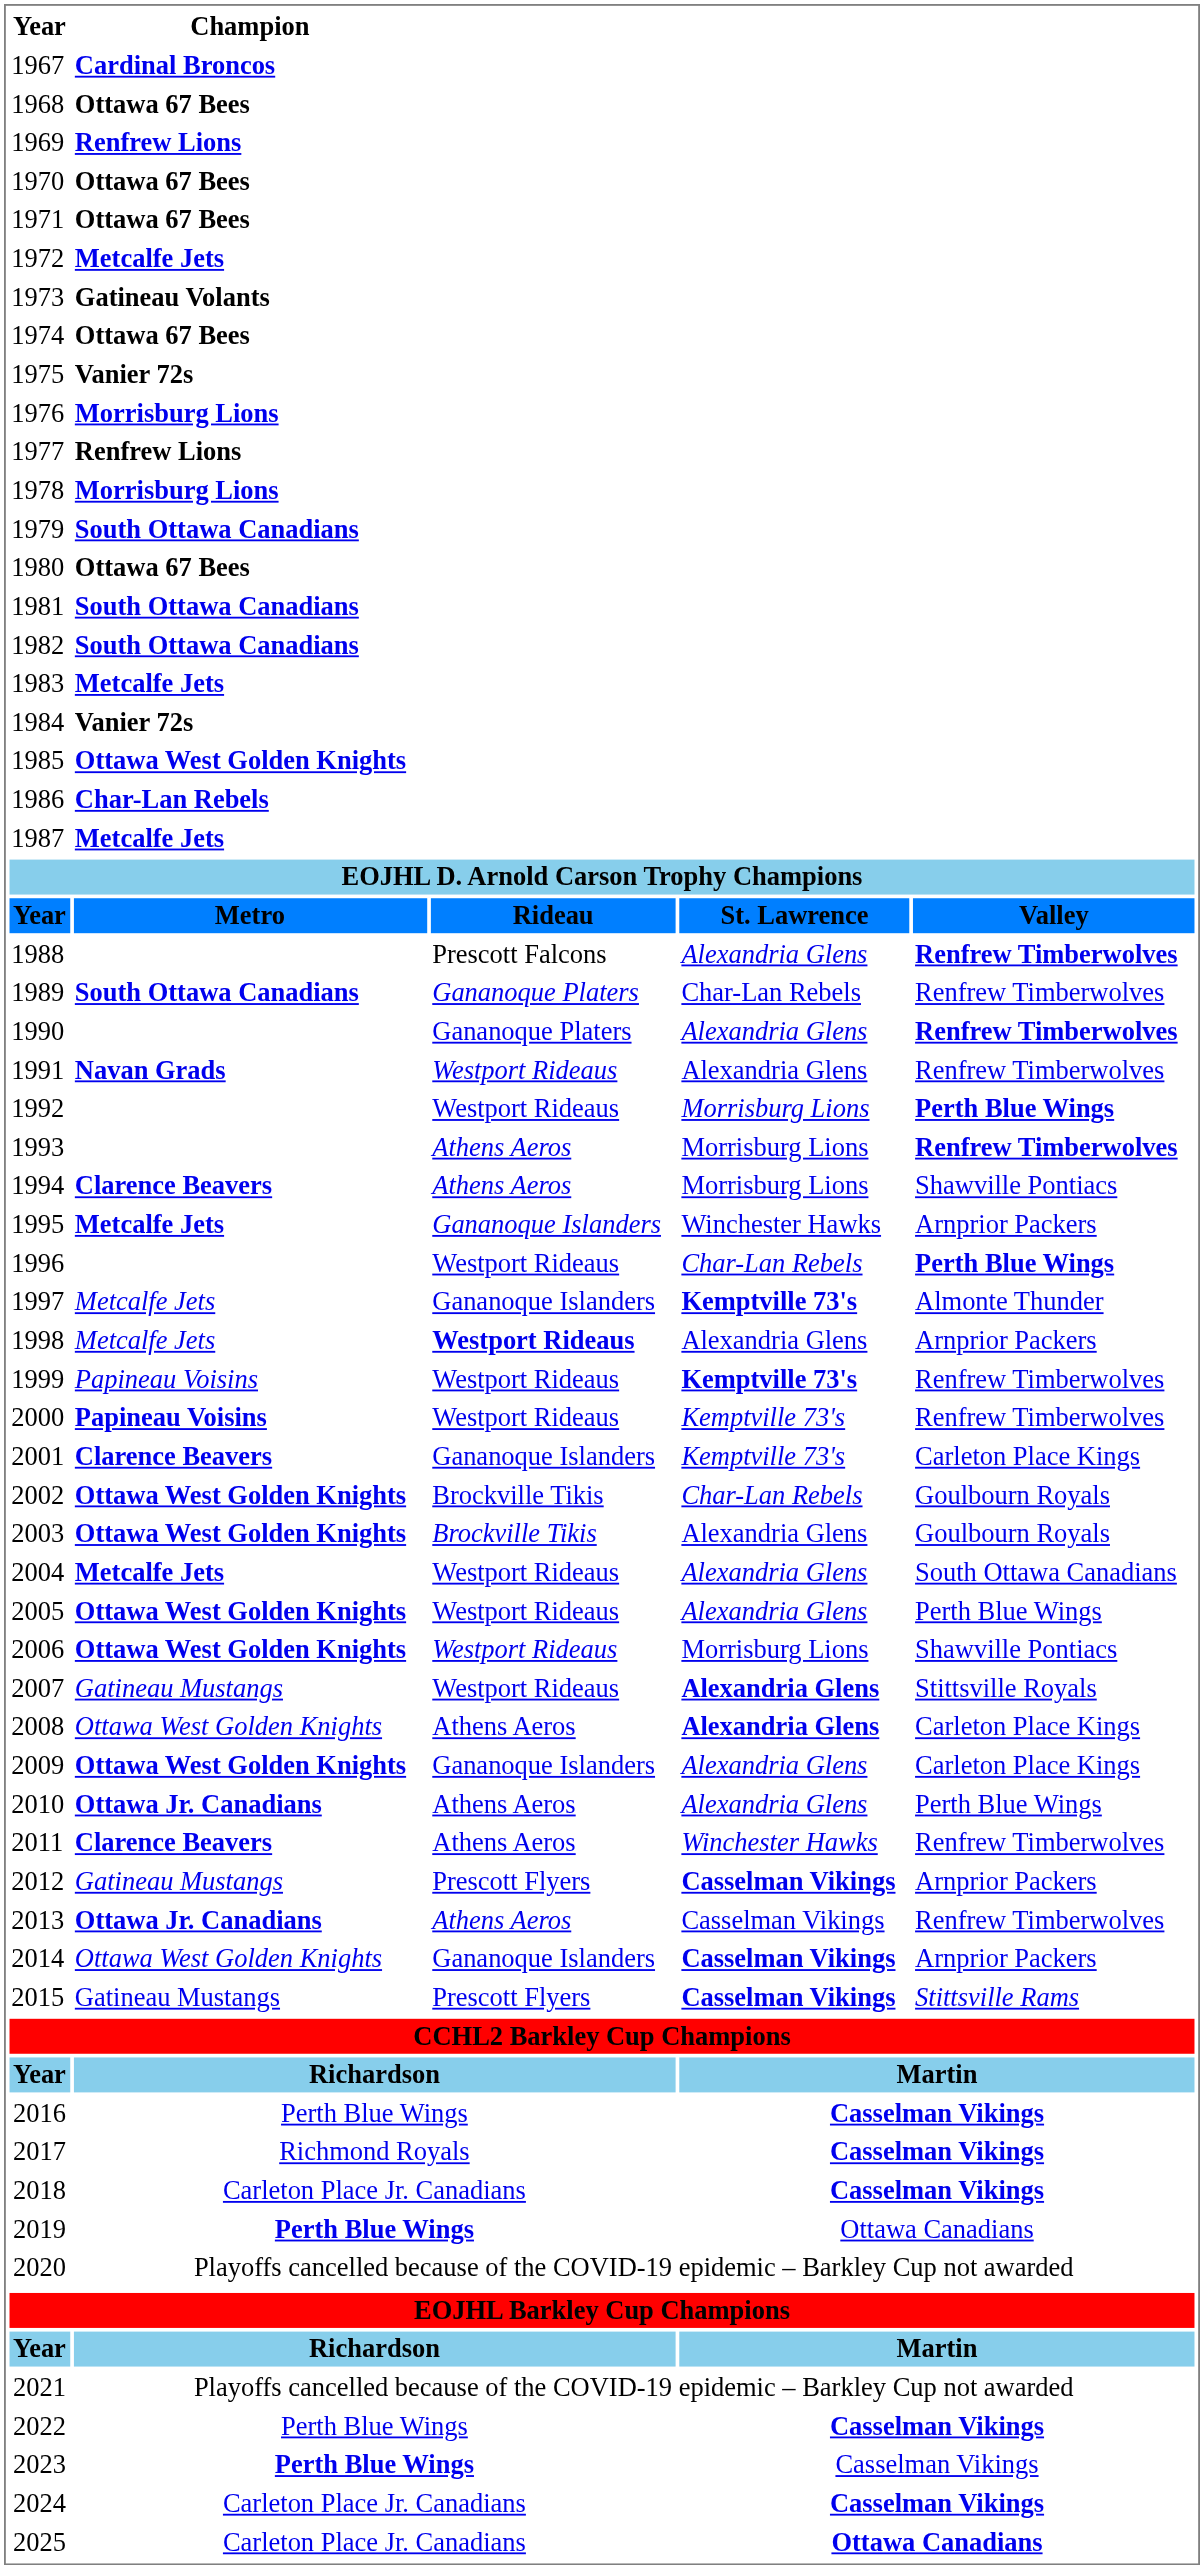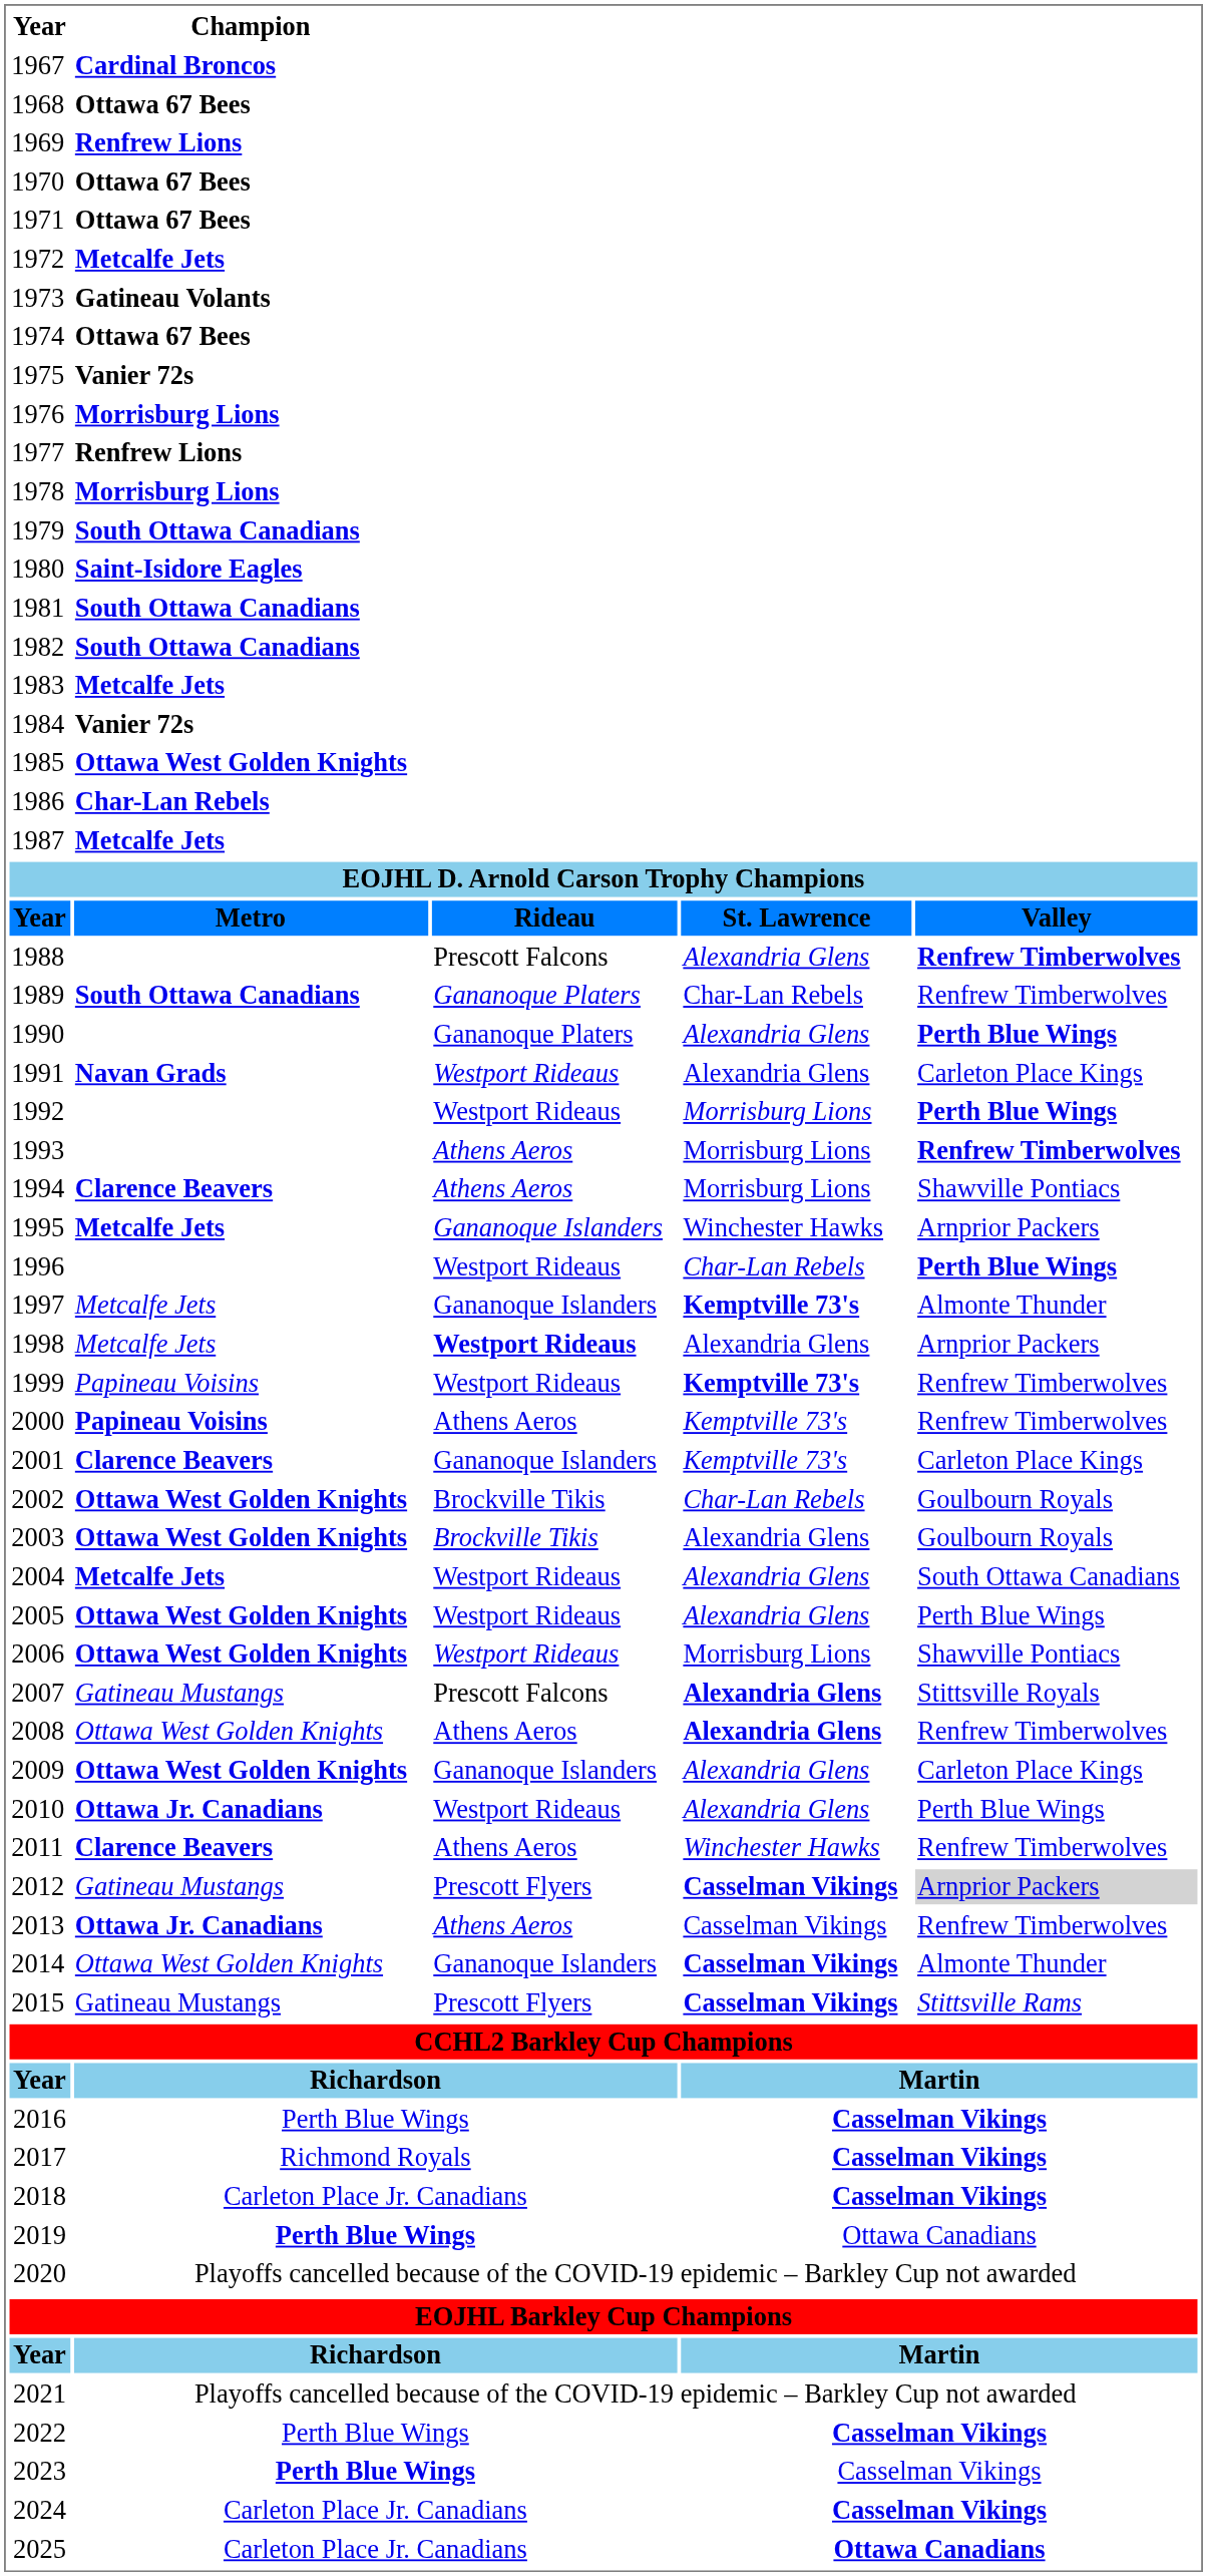 <table cellpadding="1" width="650px" style="font-size: 90%; border: 1px solid gray;">
 <tr>
 <th>Year</th>
 <th>Champion</th>
 <th></th>
 <th></th>
 <th></th>
 </tr>
 <tr>
 <td>1967</td>
 <td><strong><a href='#'>Cardinal Broncos</a></strong></td>
 <td></td>
 <td></td>
 <td></td>
 </tr>
 <tr>
 <td>1968</td>
 <td><strong>Ottawa 67 Bees</strong></td>
 <td></td>
 <td></td>
 <td></td>
 </tr>
 <tr>
 <td>1969</td>
 <td><strong><a href='#'>Renfrew Lions</a></strong></td>
 <td></td>
 <td></td>
 <td></td>
 </tr>
 <tr>
 <td>1970</td>
 <td><strong>Ottawa 67 Bees</strong></td>
 <td></td>
 <td></td>
 <td></td>
 </tr>
 <tr>
 <td>1971</td>
 <td><strong>Ottawa 67 Bees</strong></td>
 <td></td>
 <td></td>
 <td></td>
 </tr>
 <tr>
 <td>1972</td>
 <td><strong><a href='#'>Metcalfe Jets</a></strong></td>
 <td></td>
 <td></td>
 <td></td>
 </tr>
 <tr>
 <td>1973</td>
 <td><strong>Gatineau Volants</strong></td>
 <td></td>
 <td></td>
 <td></td>
 </tr>
 <tr>
 <td>1974</td>
 <td><strong>Ottawa 67 Bees</strong></td>
 <td></td>
 <td></td>
 <td></td>
 </tr>
 <tr>
 <td>1975</td>
 <td><strong>Vanier 72s</strong></td>
 <td></td>
 <td></td>
 <td></td>
 </tr>
 <tr>
 <td>1976</td>
 <td><strong><a href='#'>Morrisburg Lions</a></strong></td>
 <td></td>
 <td></td>
 <td></td>
 </tr>
 <tr>
 <td>1977</td>
 <td><strong>Renfrew Lions</strong></td>
 <td></td>
 <td></td>
 <td></td>
 </tr>
 <tr>
 <td>1978</td>
 <td><strong><a href='#'>Morrisburg Lions</a></strong></td>
 <td></td>
 <td></td>
 <td></td>
 </tr>
 <tr>
 <td>1979</td>
 <td><strong><a href='#'>South Ottawa Canadians</a></strong></td>
 <td></td>
 <td></td>
 <td></td>
 </tr>
 <tr>
 <td>1980</td>
-<td><strong>Ottawa 67 Bees</strong></td>
+<td><strong><a href='#'>Saint-Isidore Eagles</a></strong></td>
 <td></td>
 <td></td>
 <td></td>
 </tr>
 <tr>
 <td>1981</td>
 <td><strong><a href='#'>South Ottawa Canadians</a></strong></td>
 <td></td>
 <td></td>
 <td></td>
 </tr>
 <tr>
 <td>1982</td>
 <td><strong><a href='#'>South Ottawa Canadians</a></strong></td>
 <td></td>
 <td></td>
 <td></td>
 </tr>
 <tr>
 <td>1983</td>
 <td><strong><a href='#'>Metcalfe Jets</a></strong></td>
 <td></td>
 <td></td>
 <td></td>
 </tr>
 <tr>
 <td>1984</td>
 <td><strong>Vanier 72s</strong></td>
 <td></td>
 <td></td>
 <td></td>
 </tr>
 <tr>
 <td>1985</td>
 <td><strong><a href='#'>Ottawa West Golden Knights</a></strong></td>
 <td></td>
 <td></td>
 <td></td>
 </tr>
 <tr>
 <td>1986</td>
 <td><strong><a href='#'>Char-Lan Rebels</a></strong></td>
 <td></td>
 <td></td>
 <td></td>
 </tr>
 <tr>
 <td>1987</td>
 <td><strong><a href='#'>Metcalfe Jets</a></strong></td>
 <td></td>
 <td></td>
 <td></td>
 </tr>
 <tr align="center" bgcolor="#87CEEB">
 <td colspan="5"><strong>EOJHL D. Arnold Carson Trophy Champions</strong></td>
 </tr>
 <tr bgcolor="#007FFF">
 <th style="width=">Year</th>
 <th style="">Metro</th>
 <th style="">Rideau</th>
 <th style="">St. Lawrence</th>
 <th style="">Valley</th>
 </tr>
 <tr>
 <td>1988</td>
 <td></td>
 <td>Prescott Falcons</td>
 <td><em><a href='#'>Alexandria Glens</a></em></td>
 <td><strong><a href='#'>Renfrew Timberwolves</a></strong></td>
 </tr>
 <tr>
 <td>1989</td>
 <td><strong><a href='#'>South Ottawa Canadians</a></strong></td>
 <td><em><a href='#'>Gananoque Platers</a></em></td>
 <td><a href='#'>Char-Lan Rebels</a></td>
 <td><a href='#'>Renfrew Timberwolves</a></td>
 </tr>
 <tr>
 <td>1990</td>
 <td></td>
 <td><a href='#'>Gananoque Platers</a></td>
 <td><em><a href='#'>Alexandria Glens</a></em></td>
-<td><strong><a href='#'>Renfrew Timberwolves</a></strong></td>
+<td><strong><a href='#'>Perth Blue Wings</a></strong></td>
 </tr>
 <tr>
 <td>1991</td>
 <td><strong><a href='#'>Navan Grads</a></strong></td>
 <td><em><a href='#'>Westport Rideaus</a></em></td>
 <td><a href='#'>Alexandria Glens</a></td>
-<td><a href='#'>Renfrew Timberwolves</a></td>
+<td><a href='#'>Carleton Place Kings</a></td>
 </tr>
 <tr>
 <td>1992</td>
 <td></td>
 <td><a href='#'>Westport Rideaus</a></td>
 <td><em><a href='#'>Morrisburg Lions</a></em></td>
 <td><strong><a href='#'>Perth Blue Wings</a></strong></td>
 </tr>
 <tr>
 <td>1993</td>
 <td></td>
 <td><em><a href='#'>Athens Aeros</a></em></td>
 <td><a href='#'>Morrisburg Lions</a></td>
 <td><strong><a href='#'>Renfrew Timberwolves</a></strong></td>
 </tr>
 <tr>
 <td>1994</td>
 <td><strong><a href='#'>Clarence Beavers</a></strong></td>
 <td><em><a href='#'>Athens Aeros</a></em></td>
 <td><a href='#'>Morrisburg Lions</a></td>
 <td><a href='#'>Shawville Pontiacs</a></td>
 </tr>
 <tr>
 <td>1995</td>
 <td><strong><a href='#'>Metcalfe Jets</a></strong></td>
 <td><em><a href='#'>Gananoque Islanders</a></em></td>
 <td><a href='#'>Winchester Hawks</a></td>
 <td><a href='#'>Arnprior Packers</a></td>
 </tr>
 <tr>
 <td>1996</td>
 <td></td>
 <td><a href='#'>Westport Rideaus</a></td>
 <td><em><a href='#'>Char-Lan Rebels</a></em></td>
 <td><strong><a href='#'>Perth Blue Wings</a></strong></td>
 </tr>
 <tr>
 <td>1997</td>
 <td><em><a href='#'>Metcalfe Jets</a></em></td>
 <td><a href='#'>Gananoque Islanders</a></td>
 <td><strong><a href='#'>Kemptville 73's</a></strong></td>
 <td><a href='#'>Almonte Thunder</a></td>
 </tr>
 <tr>
 <td>1998</td>
 <td><em><a href='#'>Metcalfe Jets</a></em></td>
 <td><strong><a href='#'>Westport Rideaus</a></strong></td>
 <td><a href='#'>Alexandria Glens</a></td>
 <td><a href='#'>Arnprior Packers</a></td>
 </tr>
 <tr>
 <td>1999</td>
 <td><em><a href='#'>Papineau Voisins</a></em></td>
 <td><a href='#'>Westport Rideaus</a></td>
 <td><strong><a href='#'>Kemptville 73's</a></strong></td>
 <td><a href='#'>Renfrew Timberwolves</a></td>
 </tr>
 <tr>
 <td>2000</td>
 <td><strong><a href='#'>Papineau Voisins</a></strong></td>
-<td><a href='#'>Westport Rideaus</a></td>
+<td><a href='#'>Athens Aeros</a></td>
 <td><em><a href='#'>Kemptville 73's</a></em></td>
 <td><a href='#'>Renfrew Timberwolves</a></td>
 </tr>
 <tr>
 <td>2001</td>
 <td><strong><a href='#'>Clarence Beavers</a></strong></td>
 <td><a href='#'>Gananoque Islanders</a></td>
 <td><em><a href='#'>Kemptville 73's</a></em></td>
 <td><a href='#'>Carleton Place Kings</a></td>
 </tr>
 <tr>
 <td>2002</td>
 <td><strong><a href='#'>Ottawa West Golden Knights</a></strong></td>
 <td><a href='#'>Brockville Tikis</a></td>
 <td><em><a href='#'>Char-Lan Rebels</a></em></td>
 <td><a href='#'>Goulbourn Royals</a></td>
 </tr>
 <tr>
 <td>2003</td>
 <td><strong><a href='#'>Ottawa West Golden Knights</a></strong></td>
 <td><em><a href='#'>Brockville Tikis</a></em></td>
 <td><a href='#'>Alexandria Glens</a></td>
 <td><a href='#'>Goulbourn Royals</a></td>
 </tr>
 <tr>
 <td>2004</td>
 <td><strong><a href='#'>Metcalfe Jets</a></strong></td>
 <td><a href='#'>Westport Rideaus</a></td>
 <td><em><a href='#'>Alexandria Glens</a></em></td>
 <td><a href='#'>South Ottawa Canadians</a></td>
 </tr>
 <tr>
 <td>2005</td>
 <td><strong><a href='#'>Ottawa West Golden Knights</a></strong></td>
 <td><a href='#'>Westport Rideaus</a></td>
 <td><em><a href='#'>Alexandria Glens</a></em></td>
 <td><a href='#'>Perth Blue Wings</a></td>
 </tr>
 <tr>
 <td>2006</td>
 <td><strong><a href='#'>Ottawa West Golden Knights</a></strong></td>
 <td><em><a href='#'>Westport Rideaus</a></em></td>
 <td><a href='#'>Morrisburg Lions</a></td>
 <td><a href='#'>Shawville Pontiacs</a></td>
 </tr>
 <tr>
 <td>2007</td>
 <td><em><a href='#'>Gatineau Mustangs</a></em></td>
-<td><a href='#'>Westport Rideaus</a></td>
+<td>Prescott Falcons</td>
 <td><strong><a href='#'>Alexandria Glens</a></strong></td>
 <td><a href='#'>Stittsville Royals</a></td>
 </tr>
 <tr>
 <td>2008</td>
 <td><em><a href='#'>Ottawa West Golden Knights</a></em></td>
 <td><a href='#'>Athens Aeros</a></td>
 <td><strong><a href='#'>Alexandria Glens</a></strong></td>
-<td><a href='#'>Carleton Place Kings</a></td>
+<td><a href='#'>Renfrew Timberwolves</a></td>
 </tr>
 <tr>
 <td>2009</td>
 <td><strong><a href='#'>Ottawa West Golden Knights</a></strong></td>
 <td><a href='#'>Gananoque Islanders</a></td>
 <td><em><a href='#'>Alexandria Glens</a></em></td>
 <td><a href='#'>Carleton Place Kings</a></td>
 </tr>
 <tr>
 <td>2010</td>
 <td><strong><a href='#'>Ottawa Jr. Canadians</a></strong></td>
-<td><a href='#'>Athens Aeros</a></td>
+<td><a href='#'>Westport Rideaus</a></td>
 <td><em><a href='#'>Alexandria Glens</a></em></td>
 <td><a href='#'>Perth Blue Wings</a></td>
 </tr>
 <tr>
 <td>2011</td>
 <td><strong><a href='#'>Clarence Beavers</a></strong></td>
 <td><a href='#'>Athens Aeros</a></td>
 <td><em><a href='#'>Winchester Hawks</a></em></td>
 <td><a href='#'>Renfrew Timberwolves</a></td>
 </tr>
 <tr>
 <td>2012</td>
 <td><em><a href='#'>Gatineau Mustangs</a></em></td>
 <td><a href='#'>Prescott Flyers</a></td>
 <td><strong><a href='#'>Casselman Vikings</a></strong></td>
-<td><a href='#'>Arnprior Packers</a></td>
+<td style="background: lightgrey;"><a href='#'>Arnprior Packers</a></td>
 </tr>
 <tr>
 <td>2013</td>
 <td><strong><a href='#'>Ottawa Jr. Canadians</a></strong></td>
 <td><em><a href='#'>Athens Aeros</a></em></td>
 <td><a href='#'>Casselman Vikings</a></td>
 <td><a href='#'>Renfrew Timberwolves</a></td>
 </tr>
 <tr>
 <td>2014</td>
 <td><em><a href='#'>Ottawa West Golden Knights</a></em></td>
 <td><a href='#'>Gananoque Islanders</a></td>
 <td><strong><a href='#'>Casselman Vikings</a></strong></td>
-<td><a href='#'>Arnprior Packers</a></td>
+<td><a href='#'>Almonte Thunder</a></td>
 </tr>
 <tr>
 <td>2015</td>
 <td><a href='#'>Gatineau Mustangs</a></td>
 <td><a href='#'>Prescott Flyers</a></td>
 <td><strong><a href='#'>Casselman Vikings</a></strong></td>
 <td><em><a href='#'>Stittsville Rams</a></em></td>
 </tr>
 <tr align="center" bgcolor="red">
 <td colspan="5"><strong>CCHL2 Barkley Cup Champions</strong></td>
 </tr>
 <tr align="center" bgcolor="#87CEEB">
 <th style="width=">Year</th>
 <th colspan="2">Richardson</th>
 <th colspan="2">Martin</th>
 </tr>
 <tr align="center">
 <td>2016</td>
 <td colspan="2"><a href='#'>Perth Blue Wings</a></td>
 <td colspan="2"><strong><a href='#'>Casselman Vikings</a></strong></td>
 </tr>
 <tr align="center">
 <td>2017</td>
 <td colspan="2"><a href='#'>Richmond Royals</a></td>
 <td colspan="2"><strong><a href='#'>Casselman Vikings</a></strong></td>
 </tr>
 <tr align="center">
 <td>2018</td>
 <td colspan="2"><a href='#'>Carleton Place Jr. Canadians</a></td>
 <td colspan="2"><strong><a href='#'>Casselman Vikings</a></strong></td>
 </tr>
 <tr align= "center">
 <td>2019</td>
 <td colspan="2"><strong><a href='#'>Perth Blue Wings</a></strong></td>
 <td colspan="2"><a href='#'>Ottawa Canadians</a></td>
 </tr>
 <tr align= "center">
 <td>2020</td>
 <td colspan="4">Playoffs cancelled because of the COVID-19 epidemic – Barkley Cup not awarded</td>
 </tr>
 <tr align= "center">
 </tr>
 <tr align="center" bgcolor="red">
 <td colspan="5"><strong>EOJHL Barkley Cup Champions</strong></td>
 </tr>
 <tr align="center" bgcolor="#87CEEB">
 <th style="width=">Year</th>
 <th colspan="2">Richardson</th>
 <th colspan="2">Martin</th>
 </tr>
 <tr align= "center">
 <td>2021</td>
 <td colspan="4">Playoffs cancelled because of the COVID-19 epidemic – Barkley Cup not awarded</td>
 </tr>
 <tr align= "center">
 <td>2022</td>
 <td colspan="2"><a href='#'>Perth Blue Wings</a></td>
 <td colspan="2"><strong><a href='#'>Casselman Vikings</a></strong></td>
 </tr>
 <tr align= "center">
 <td>2023</td>
 <td colspan="2"><strong><a href='#'>Perth Blue Wings</a></strong></td>
 <td colspan="2"><a href='#'>Casselman Vikings</a></td>
 </tr>
 <tr align= "center">
 <td>2024</td>
 <td colspan="2"><a href='#'>Carleton Place Jr. Canadians</a></td>
 <td colspan="2"><strong><a href='#'>Casselman Vikings</a></strong></td>
 </tr>
 <tr align= "center">
 <td>2025</td>
 <td colspan="2"><a href='#'>Carleton Place Jr. Canadians</a></td>
 <td colspan="2"><strong><a href='#'>Ottawa Canadians</a></strong></td>
 </tr>
 </table>
